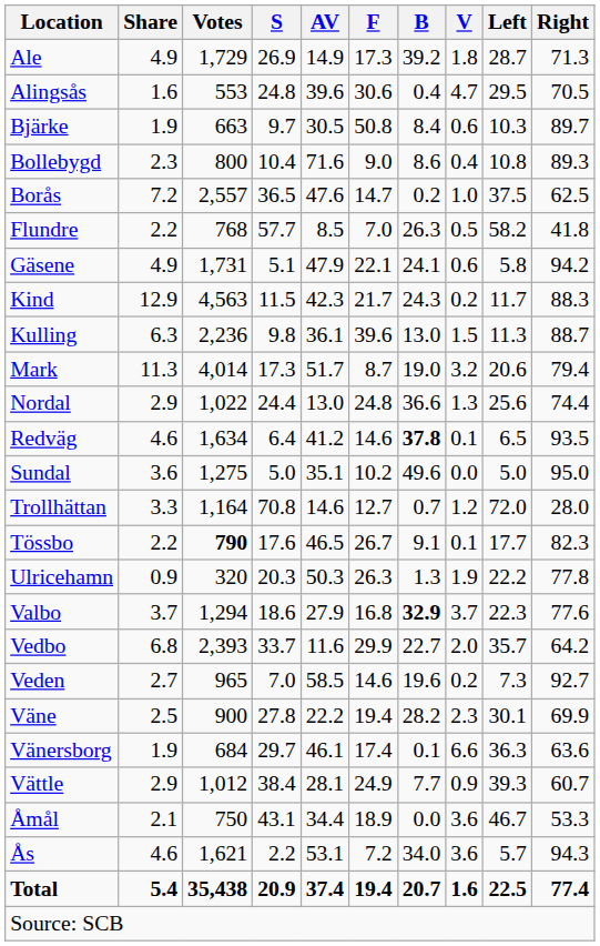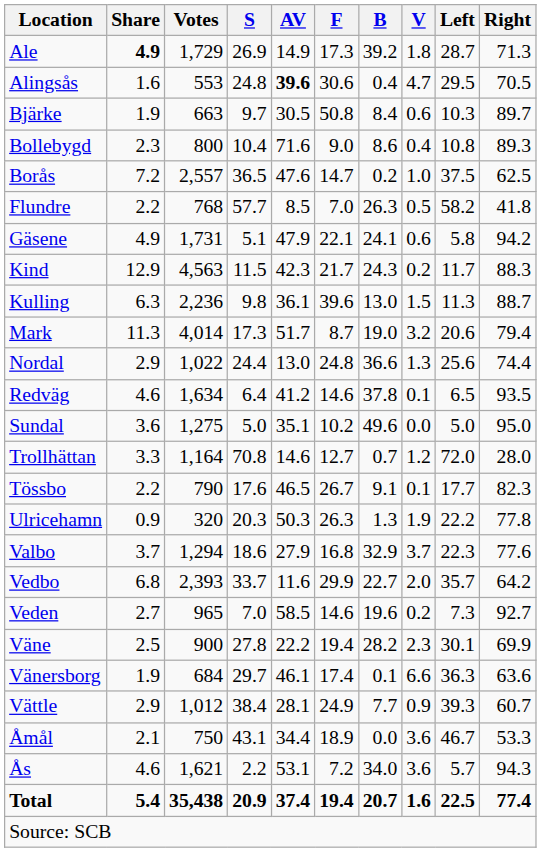 <table class="wikitable sortable" style=text-align:right>
 <tr>
 <th>Location</th>
 <th>Share</th>
 <th>Votes</th>
 <th><a href='#'>S</a></th>
 <th><a href='#'>AV</a></th>
 <th><a href='#'>F</a></th>
 <th><a href='#'>B</a></th>
 <th><a href='#'>V</a></th>
 <th>Left</th>
 <th>Right</th>
 </tr>
 <tr>
 <td align=left><a href='#'>Ale</a></td>
-<td>4.9</td>
+<td><strong>4.9</strong></td>
 <td>1,729</td>
 <td>26.9</td>
 <td>14.9</td>
 <td>17.3</td>
 <td>39.2</td>
 <td>1.8</td>
 <td>28.7</td>
 <td>71.3</td>
 </tr>
 <tr>
 <td align=left><a href='#'>Alingsås</a></td>
 <td>1.6</td>
 <td>553</td>
 <td>24.8</td>
-<td>39.6</td>
+<td><strong>39.6</strong></td>
 <td>30.6</td>
 <td>0.4</td>
 <td>4.7</td>
 <td>29.5</td>
 <td>70.5</td>
 </tr>
 <tr>
 <td align=left><a href='#'>Bjärke</a></td>
 <td>1.9</td>
 <td>663</td>
 <td>9.7</td>
 <td>30.5</td>
 <td>50.8</td>
 <td>8.4</td>
 <td>0.6</td>
 <td>10.3</td>
 <td>89.7</td>
 </tr>
 <tr>
 <td align=left><a href='#'>Bollebygd</a></td>
 <td>2.3</td>
 <td>800</td>
 <td>10.4</td>
 <td>71.6</td>
 <td>9.0</td>
 <td>8.6</td>
 <td>0.4</td>
 <td>10.8</td>
 <td>89.3</td>
 </tr>
 <tr>
 <td align=left><a href='#'>Borås</a></td>
 <td>7.2</td>
 <td>2,557</td>
 <td>36.5</td>
 <td>47.6</td>
 <td>14.7</td>
 <td>0.2</td>
 <td>1.0</td>
 <td>37.5</td>
 <td>62.5</td>
 </tr>
 <tr>
 <td align=left><a href='#'>Flundre</a></td>
 <td>2.2</td>
 <td>768</td>
 <td>57.7</td>
 <td>8.5</td>
 <td>7.0</td>
 <td>26.3</td>
 <td>0.5</td>
 <td>58.2</td>
 <td>41.8</td>
 </tr>
 <tr>
 <td align=left><a href='#'>Gäsene</a></td>
 <td>4.9</td>
 <td>1,731</td>
 <td>5.1</td>
 <td>47.9</td>
 <td>22.1</td>
 <td>24.1</td>
 <td>0.6</td>
 <td>5.8</td>
 <td>94.2</td>
 </tr>
 <tr>
 <td align=left><a href='#'>Kind</a></td>
 <td>12.9</td>
 <td>4,563</td>
 <td>11.5</td>
 <td>42.3</td>
 <td>21.7</td>
 <td>24.3</td>
 <td>0.2</td>
 <td>11.7</td>
 <td>88.3</td>
 </tr>
 <tr>
 <td align=left><a href='#'>Kulling</a></td>
 <td>6.3</td>
 <td>2,236</td>
 <td>9.8</td>
 <td>36.1</td>
 <td>39.6</td>
 <td>13.0</td>
 <td>1.5</td>
 <td>11.3</td>
 <td>88.7</td>
 </tr>
 <tr>
 <td align=left><a href='#'>Mark</a></td>
 <td>11.3</td>
 <td>4,014</td>
 <td>17.3</td>
 <td>51.7</td>
 <td>8.7</td>
 <td>19.0</td>
 <td>3.2</td>
 <td>20.6</td>
 <td>79.4</td>
 </tr>
 <tr>
 <td align=left><a href='#'>Nordal</a></td>
 <td>2.9</td>
 <td>1,022</td>
 <td>24.4</td>
 <td>13.0</td>
 <td>24.8</td>
 <td>36.6</td>
 <td>1.3</td>
 <td>25.6</td>
 <td>74.4</td>
 </tr>
 <tr>
 <td align=left><a href='#'>Redväg</a></td>
 <td>4.6</td>
 <td>1,634</td>
 <td>6.4</td>
 <td>41.2</td>
 <td>14.6</td>
-<td><strong>37.8</strong></td>
+<td>37.8</td>
 <td>0.1</td>
 <td>6.5</td>
 <td>93.5</td>
 </tr>
 <tr>
 <td align=left><a href='#'>Sundal</a></td>
 <td>3.6</td>
 <td>1,275</td>
 <td>5.0</td>
 <td>35.1</td>
 <td>10.2</td>
 <td>49.6</td>
 <td>0.0</td>
 <td>5.0</td>
 <td>95.0</td>
 </tr>
 <tr>
 <td align=left><a href='#'>Trollhättan</a></td>
 <td>3.3</td>
 <td>1,164</td>
 <td>70.8</td>
 <td>14.6</td>
 <td>12.7</td>
 <td>0.7</td>
 <td>1.2</td>
 <td>72.0</td>
 <td>28.0</td>
 </tr>
 <tr>
 <td align=left><a href='#'>Tössbo</a></td>
 <td>2.2</td>
-<td><strong>790</strong></td>
+<td>790</td>
 <td>17.6</td>
 <td>46.5</td>
 <td>26.7</td>
 <td>9.1</td>
 <td>0.1</td>
 <td>17.7</td>
 <td>82.3</td>
 </tr>
 <tr>
 <td align=left><a href='#'>Ulricehamn</a></td>
 <td>0.9</td>
 <td>320</td>
 <td>20.3</td>
 <td>50.3</td>
 <td>26.3</td>
 <td>1.3</td>
 <td>1.9</td>
 <td>22.2</td>
 <td>77.8</td>
 </tr>
 <tr>
 <td align=left><a href='#'>Valbo</a></td>
 <td>3.7</td>
 <td>1,294</td>
 <td>18.6</td>
 <td>27.9</td>
 <td>16.8</td>
-<td><strong>32.9</strong></td>
+<td>32.9</td>
 <td>3.7</td>
 <td>22.3</td>
 <td>77.6</td>
 </tr>
 <tr>
 <td align=left><a href='#'>Vedbo</a></td>
 <td>6.8</td>
 <td>2,393</td>
 <td>33.7</td>
 <td>11.6</td>
 <td>29.9</td>
 <td>22.7</td>
 <td>2.0</td>
 <td>35.7</td>
 <td>64.2</td>
 </tr>
 <tr>
 <td align=left><a href='#'>Veden</a></td>
 <td>2.7</td>
 <td>965</td>
 <td>7.0</td>
 <td>58.5</td>
 <td>14.6</td>
 <td>19.6</td>
 <td>0.2</td>
 <td>7.3</td>
 <td>92.7</td>
 </tr>
 <tr>
 <td align=left><a href='#'>Väne</a></td>
 <td>2.5</td>
 <td>900</td>
 <td>27.8</td>
 <td>22.2</td>
 <td>19.4</td>
 <td>28.2</td>
 <td>2.3</td>
 <td>30.1</td>
 <td>69.9</td>
 </tr>
 <tr>
 <td align=left><a href='#'>Vänersborg</a></td>
 <td>1.9</td>
 <td>684</td>
 <td>29.7</td>
 <td>46.1</td>
 <td>17.4</td>
 <td>0.1</td>
 <td>6.6</td>
 <td>36.3</td>
 <td>63.6</td>
 </tr>
 <tr>
 <td align=left><a href='#'>Vättle</a></td>
 <td>2.9</td>
 <td>1,012</td>
 <td>38.4</td>
 <td>28.1</td>
 <td>24.9</td>
 <td>7.7</td>
 <td>0.9</td>
 <td>39.3</td>
 <td>60.7</td>
 </tr>
 <tr>
 <td align=left><a href='#'>Åmål</a></td>
 <td>2.1</td>
 <td>750</td>
 <td>43.1</td>
 <td>34.4</td>
 <td>18.9</td>
 <td>0.0</td>
 <td>3.6</td>
 <td>46.7</td>
 <td>53.3</td>
 </tr>
 <tr>
 <td align=left><a href='#'>Ås</a></td>
 <td>4.6</td>
 <td>1,621</td>
 <td>2.2</td>
 <td>53.1</td>
 <td>7.2</td>
 <td>34.0</td>
 <td>3.6</td>
 <td>5.7</td>
 <td>94.3</td>
 </tr>
 <tr>
 <td align=left><strong>Total</strong></td>
 <td><strong>5.4</strong></td>
 <td><strong>35,438</strong></td>
 <td><strong>20.9</strong></td>
 <td><strong>37.4</strong></td>
 <td><strong>19.4</strong></td>
 <td><strong>20.7</strong></td>
 <td><strong>1.6</strong></td>
 <td><strong>22.5</strong></td>
 <td><strong>77.4</strong></td>
 </tr>
 <tr>
 <td align=left colspan=10>Source: SCB </td>
 </tr>
 </table>
